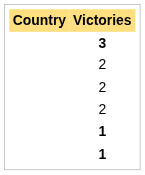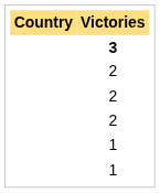 <table class="sortable" cellpadding="4" cellspacing="0"  style="border: 1px solid silver; cor: black; margin: 0 0 0.5em 0; background-cor: white; padding: 5px; text-align: left; vertical-align: top; line-height: 1.1em;">
 <tr>
 <th scope=col; align="center" bgcolor="FFDF80">Country</th>
 <th scope=col; align="center" bgcolor="FFDF80">Victories</th>
 </tr>
 <tr>
 <td></td>
 <td align="center"><strong>3</strong></td>
 </tr>
 <tr>
 <td></td>
 <td align="center">2</td>
 </tr>
 <tr>
 <td></td>
 <td align="center">2</td>
 </tr>
 <tr>
 <td></td>
 <td align="center">2</td>
 </tr>
 <tr>
 <td></td>
-<td align="center"><strong>1</strong></td>
+<td align="center">1</td>
 </tr>
 <tr>
 <td></td>
-<td align="center"><strong>1</strong></td>
+<td align="center">1</td>
 </tr>
 </table>
